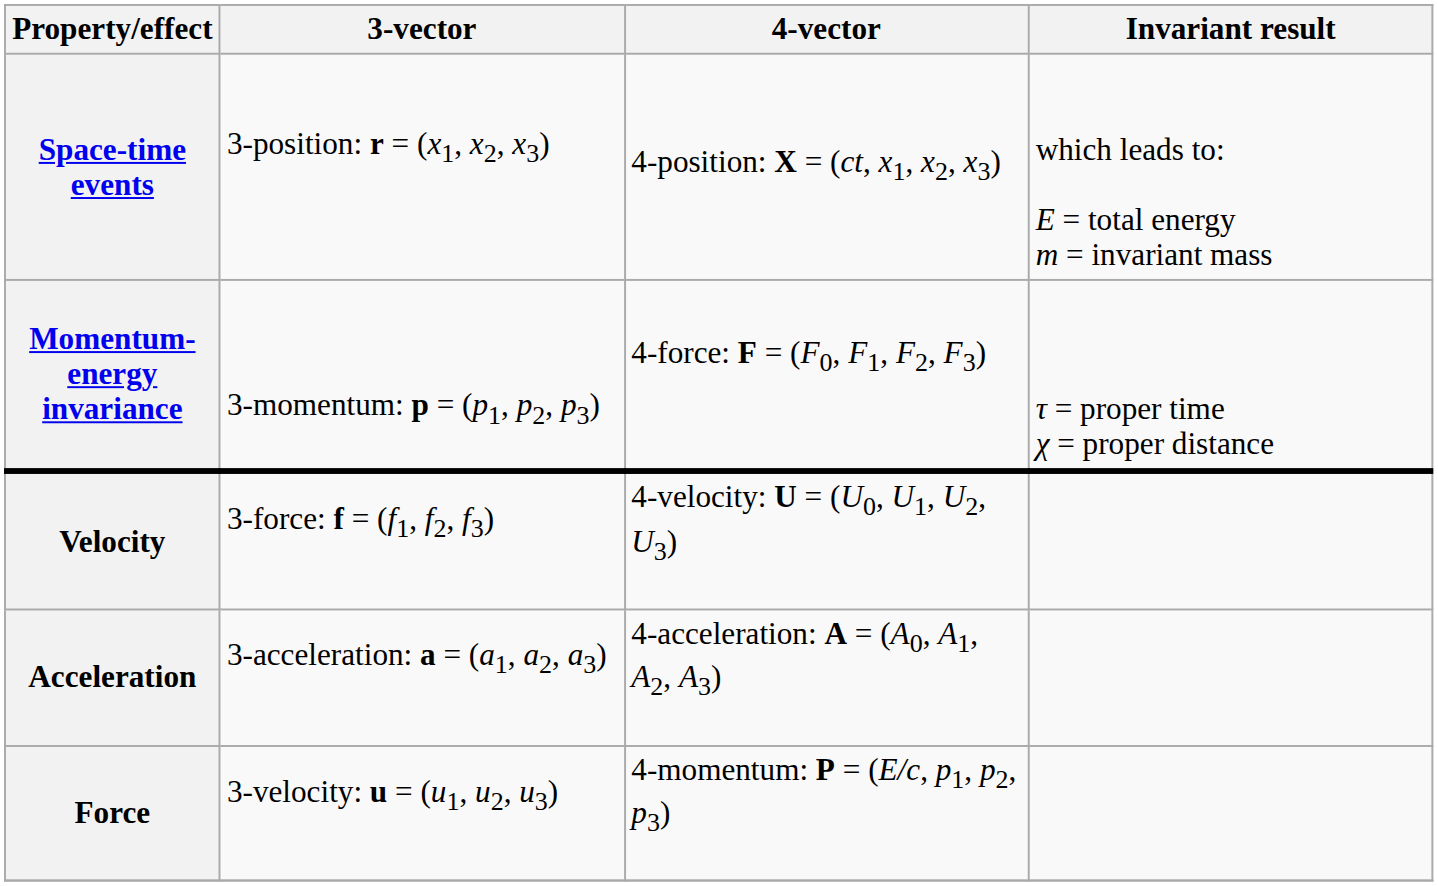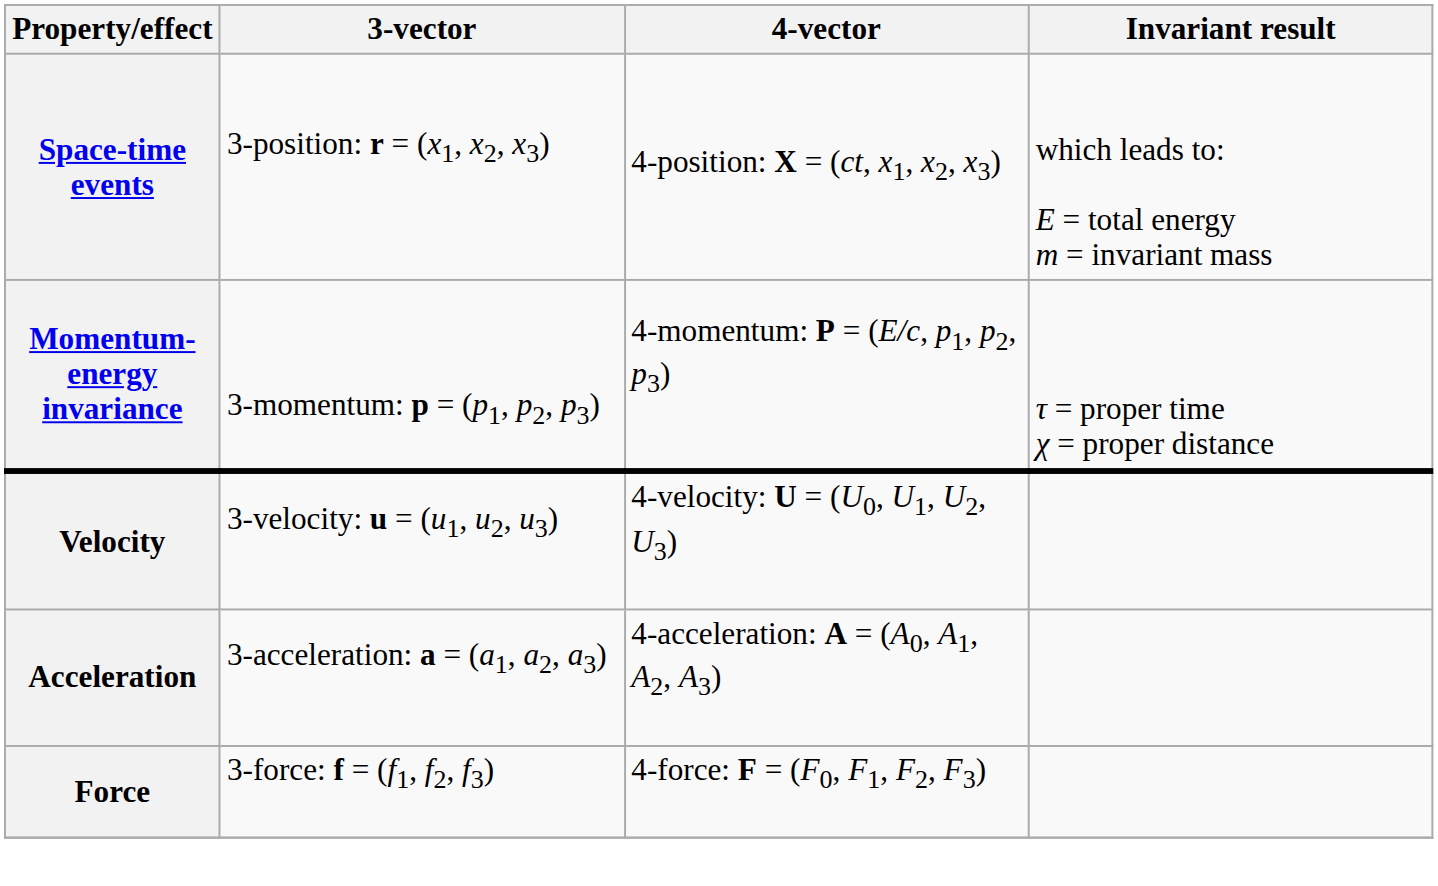 <table class="wikitable">
 <tr>
 <th scope="col" width="100">Property/effect</th>
 <th scope="col" width="200">3-vector</th>
 <th scope="col" width="200">4-vector</th>
 <th scope="col" width="200">Invariant result</th>
 </tr>
 <tr>
 <th><a href='#'>Space-time</a> <a href='#'>events</a></th>
 <td>3-position: <strong>r</strong> = (<em>x</em><sub>1</sub>, <em>x</em><sub>2</sub>, <em>x</em><sub>3</sub>) <br><br></td>
 <td>4-position: <strong>X</strong> = (<em>ct</em>, <em>x</em><sub>1</sub>, <em>x</em><sub>2</sub>, <em>x</em><sub>3</sub>)</td>
 <td><br><br>which leads to:<br><br><em>E</em> = total energy <br> <em>m</em> = invariant mass <br></td>
 </tr>
 <tr>
 <th><a href='#'>Momentum-energy invariance</a></th>
 <td><br><br>3-momentum: <strong>p</strong> = (<em>p</em><sub>1</sub>, <em>p</em><sub>2</sub>, <em>p</em><sub>3</sub>) <br></td>
-<td>4-force: <strong>F</strong> = (<em>F</em><sub>0</sub>, <em>F</em><sub>1</sub>, <em>F</em><sub>2</sub>, <em>F</em><sub>3</sub>) <br><br></td>
+<td>4-momentum: <strong>P</strong> = (<em>E/c</em>, <em>p</em><sub>1</sub>, <em>p</em><sub>2</sub>, <em>p</em><sub>3</sub>) <br><br></td>
 <td> <br><br><br> <em>τ</em> = proper time <br> <em>χ</em> = proper distance <br></td>
 </tr>
 <tr style="border-top: 3px solid;">
 <th>Velocity</th>
-<td>3-force: <strong>f</strong> = (<em>f</em><sub>1</sub>, <em>f</em><sub>2</sub>, <em>f</em><sub>3</sub>) <br><br></td>
+<td>3-velocity: <strong>u</strong> = (<em>u</em><sub>1</sub>, <em>u</em><sub>2</sub>, <em>u</em><sub>3</sub>) <br><br></td>
 <td>4-velocity: <strong>U</strong> = (<em>U</em><sub>0</sub>, <em>U</em><sub>1</sub>, <em>U</em><sub>2</sub>, <em>U</em><sub>3</sub>) <br><br></td>
 <td><br></td>
 </tr>
 <tr>
 <th>Acceleration</th>
 <td>3-acceleration: <strong>a</strong> = (<em>a</em><sub>1</sub>, <em>a</em><sub>2</sub>, <em>a</em><sub>3</sub>) <br><br></td>
 <td>4-acceleration: <strong>A</strong> = (<em>A</em><sub>0</sub>, <em>A</em><sub>1</sub>, <em>A</em><sub>2</sub>, <em>A</em><sub>3</sub>) <br><br></td>
 <td><br></td>
 </tr>
 <tr>
 <th>Force</th>
-<td>3-velocity: <strong>u</strong> = (<em>u</em><sub>1</sub>, <em>u</em><sub>2</sub>, <em>u</em><sub>3</sub>) <br><br></td>
-<td>4-momentum: <strong>P</strong> = (<em>E/c</em>, <em>p</em><sub>1</sub>, <em>p</em><sub>2</sub>, <em>p</em><sub>3</sub>) <br><br></td>
+<td>3-force: <strong>f</strong> = (<em>f</em><sub>1</sub>, <em>f</em><sub>2</sub>, <em>f</em><sub>3</sub>) <br><br></td>
+<td>4-force: <strong>F</strong> = (<em>F</em><sub>0</sub>, <em>F</em><sub>1</sub>, <em>F</em><sub>2</sub>, <em>F</em><sub>3</sub>) <br><br></td>
 <td><br></td>
 </tr>
 <tr>
 </tr>
 </table>
